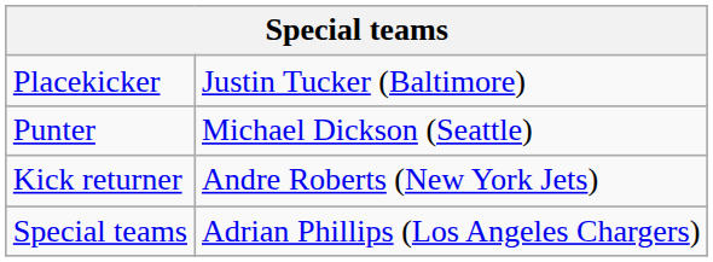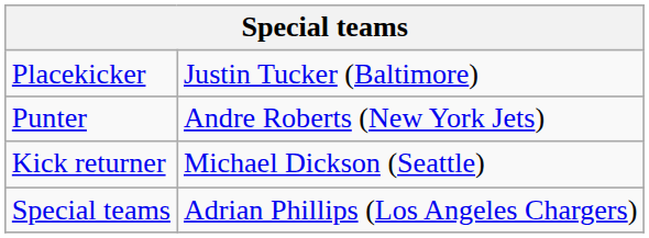 <table class="wikitable">
 <tr>
 <th colspan="6">Special teams</th>
 </tr>
 <tr>
 <td><a href='#'>Placekicker</a></td>
 <td><a href='#'>Justin Tucker</a> (<a href='#'>Baltimore</a>)</td>
 </tr>
 <tr>
 <td><a href='#'>Punter</a></td>
-<td><a href='#'>Michael Dickson</a> (<a href='#'>Seattle</a>)</td>
+<td><a href='#'>Andre Roberts</a> (<a href='#'>New York Jets</a>)</td>
 </tr>
 <tr>
 <td><a href='#'>Kick returner</a></td>
-<td><a href='#'>Andre Roberts</a> (<a href='#'>New York Jets</a>)</td>
+<td><a href='#'>Michael Dickson</a> (<a href='#'>Seattle</a>)</td>
 </tr>
 <tr>
 <td><a href='#'>Special teams</a></td>
 <td><a href='#'>Adrian Phillips</a> (<a href='#'>Los Angeles Chargers</a>)</td>
 </tr>
 </table>
